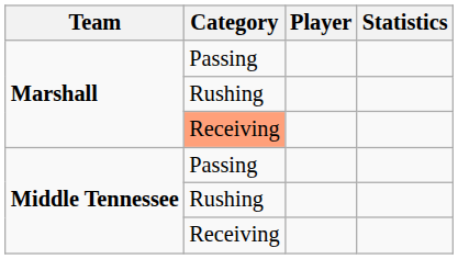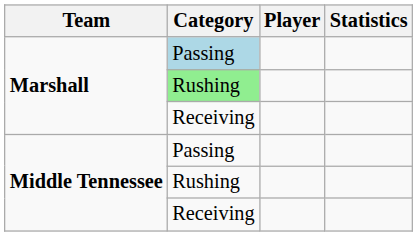 <table class="wikitable" style="float: right;">
 <tr>
 <th>Team</th>
 <th>Category</th>
 <th>Player</th>
 <th>Statistics</th>
 </tr>
 <tr>
 <td rowspan=3><strong>Marshall</strong></td>
-<td>Passing</td>
+<td style="background: lightblue;">Passing</td>
 <td></td>
 <td></td>
 </tr>
 <tr>
-<td>Rushing</td>
+<td style="background: lightgreen;">Rushing</td>
 <td></td>
 <td></td>
 </tr>
 <tr>
-<td style="background: lightsalmon;">Receiving</td>
+<td>Receiving</td>
 <td></td>
 <td></td>
 </tr>
 <tr>
 <td rowspan=3><strong>Middle Tennessee</strong></td>
 <td>Passing</td>
 <td></td>
 <td></td>
 </tr>
 <tr>
 <td>Rushing</td>
 <td></td>
 <td></td>
 </tr>
 <tr>
 <td>Receiving</td>
 <td></td>
 <td></td>
 </tr>
 </table>
